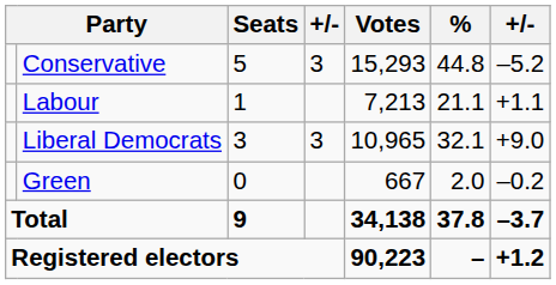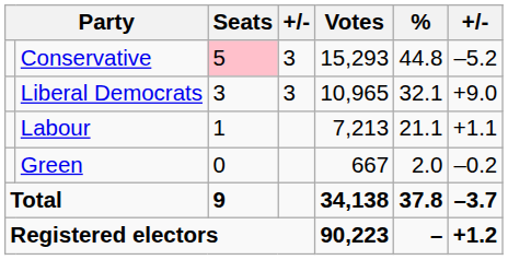 <table class="wikitable sortable">
 <tr>
 <th colspan="2">Party</th>
 <th>Seats</th>
 <th>+/-</th>
 <th>Votes</th>
 <th>%</th>
 <th>+/-</th>
 </tr>
 <tr>
 <td style="background-color: "></td>
 <td><a href='#'>Conservative</a></td>
-<td>5</td>
+<td style="background: pink;">5</td>
 <td> 3</td>
 <td style="text-align:right;">15,293</td>
 <td style="text-align:right;">44.8</td>
 <td style="text-align:right;">–5.2</td>
+</tr>
+<tr>
+<td style="background-color: "></td>
+<td><a href='#'>Liberal Democrats</a></td>
+<td>3</td>
+<td> 3</td>
+<td style="text-align:right;">10,965</td>
+<td style="text-align:right;">32.1</td>
+<td style="text-align:right;">+9.0</td>
 </tr>
 <tr>
 <td style="background-color: "></td>
 <td><a href='#'>Labour</a></td>
 <td>1</td>
 <td></td>
 <td style="text-align:right;">7,213</td>
 <td style="text-align:right;">21.1</td>
 <td style="text-align:right;">+1.1</td>
-</tr>
-<tr>
-<td style="background-color: "></td>
-<td><a href='#'>Liberal Democrats</a></td>
-<td>3</td>
-<td> 3</td>
-<td style="text-align:right;">10,965</td>
-<td style="text-align:right;">32.1</td>
-<td style="text-align:right;">+9.0</td>
 </tr>
 <tr>
 <td style="background-color: "></td>
 <td><a href='#'>Green</a></td>
 <td>0</td>
 <td></td>
 <td style="text-align:right;">667</td>
 <td style="text-align:right;">2.0</td>
 <td style="text-align:right;">–0.2</td>
 </tr>
 <tr>
 <td colspan="2"><strong>Total</strong></td>
 <td><strong>9</strong></td>
 <td></td>
 <td style="text-align:right;"><strong>34,138</strong></td>
 <td style="text-align:right;"><strong>37.8</strong></td>
 <td style="text-align:right;"><strong>–3.7</strong></td>
 </tr>
 <tr>
 <td colspan="4"><strong>Registered electors</strong></td>
 <td style="text-align:right;"><strong>90,223</strong></td>
 <td style="text-align:right;"><strong>–</strong></td>
 <td style="text-align:right;"><strong>+1.2</strong></td>
 </tr>
 </table>
